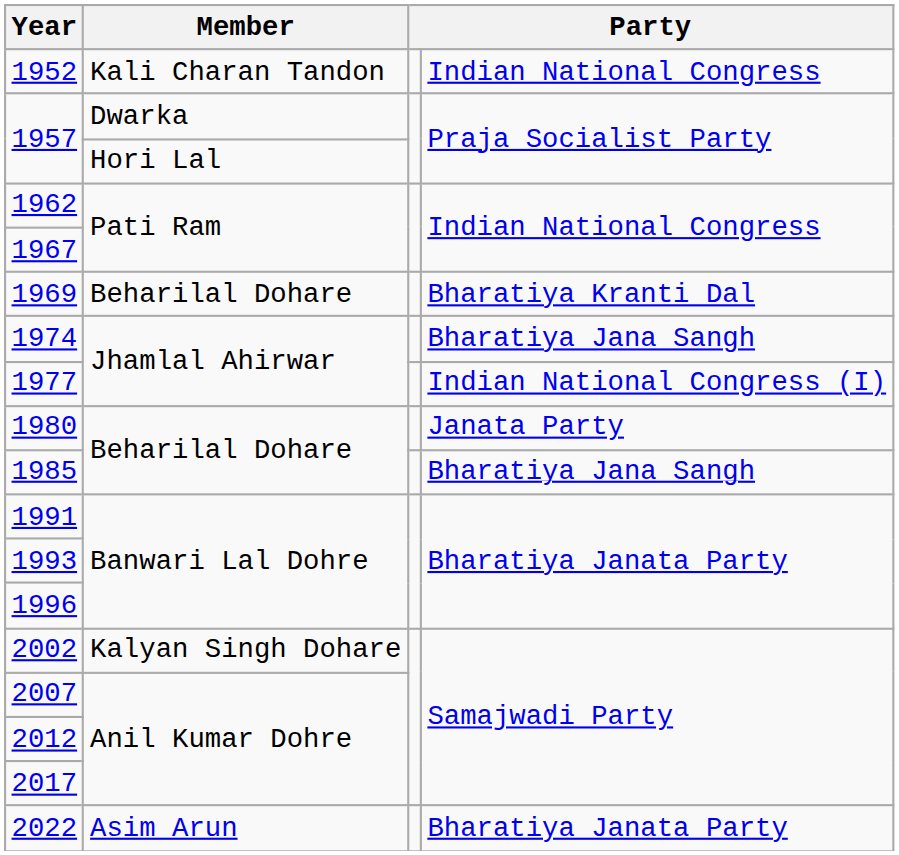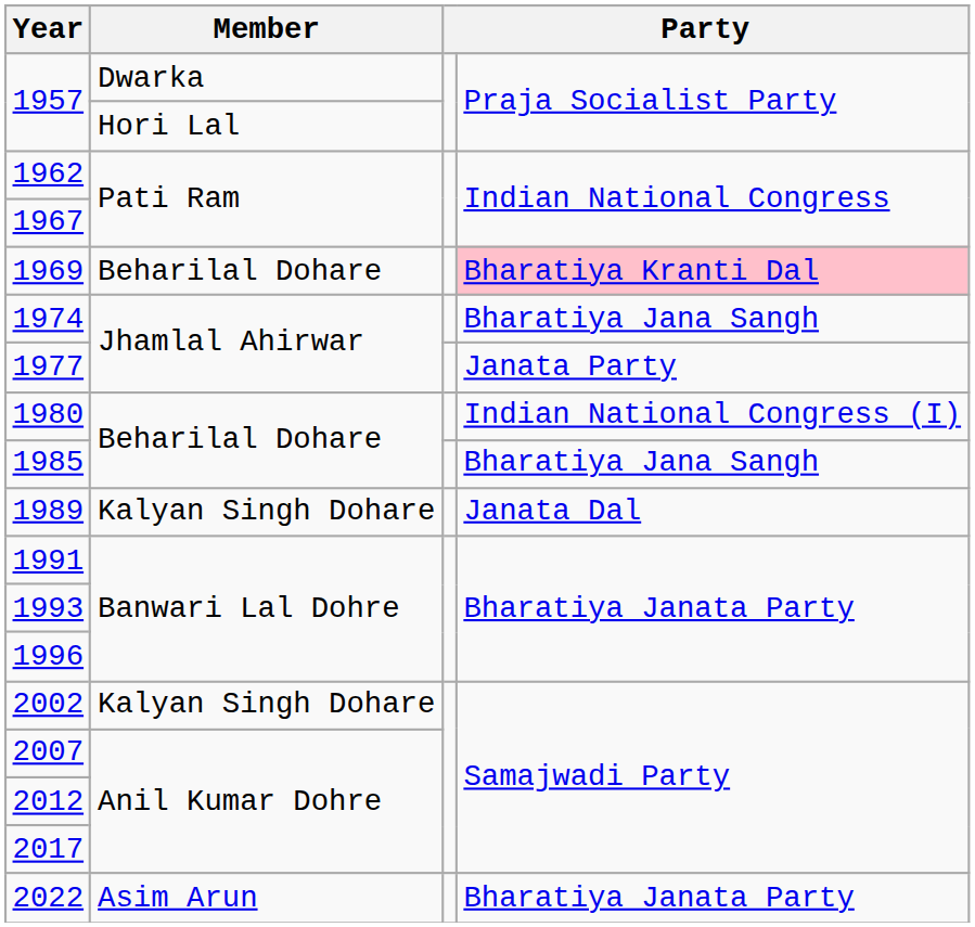 <table class="wikitable">
 <tr>
 <th>Year</th>
 <th>Member</th>
 <th colspan="2">Party</th>
-</tr>
-<tr>
-<td><a href='#'>1952</a></td>
-<td>Kali Charan Tandon</td>
-<td style="background-color: "></td>
-<td><a href='#'>Indian National Congress</a></td>
 </tr>
 <tr>
 <td rowspan="2"><a href='#'>1957</a></td>
 <td>Dwarka</td>
 <td rowspan="2" style="background-color: "></td>
 <td rowspan="2"><a href='#'>Praja Socialist Party</a></td>
 </tr>
 <tr>
 <td>Hori Lal</td>
 </tr>
 <tr>
 <td><a href='#'>1962</a></td>
 <td rowspan="2">Pati Ram</td>
 <td rowspan="2" style="background-color: "></td>
 <td rowspan="2"><a href='#'>Indian National Congress</a></td>
 </tr>
 <tr>
 <td><a href='#'>1967</a></td>
 </tr>
 <tr>
 <td><a href='#'>1969</a></td>
 <td>Beharilal Dohare</td>
 <td style="background-color: "></td>
-<td><a href='#'>Bharatiya Kranti Dal</a></td>
+<td style="background: pink;"><a href='#'>Bharatiya Kranti Dal</a></td>
 </tr>
 <tr>
 <td><a href='#'>1974</a></td>
 <td rowspan="2">Jhamlal Ahirwar</td>
 <td style="background-color: "></td>
 <td><a href='#'>Bharatiya Jana Sangh</a></td>
 </tr>
 <tr>
 <td><a href='#'>1977</a></td>
 <td style="background-color: "></td>
-<td><a href='#'>Indian National Congress (I)</a></td>
+<td><a href='#'>Janata Party</a></td>
 </tr>
 <tr>
 <td><a href='#'>1980</a></td>
 <td rowspan="2">Beharilal Dohare</td>
 <td style="background-color: "></td>
-<td><a href='#'>Janata Party</a></td>
+<td><a href='#'>Indian National Congress (I)</a></td>
 </tr>
 <tr>
 <td><a href='#'>1985</a></td>
 <td style="background-color: "></td>
 <td><a href='#'>Bharatiya Jana Sangh</a></td>
+</tr>
+<tr>
+<td><a href='#'>1989</a></td>
+<td>Kalyan Singh Dohare</td>
+<td style="background-color: "></td>
+<td><a href='#'>Janata Dal</a></td>
 </tr>
 <tr>
 <td><a href='#'>1991</a></td>
 <td rowspan="3">Banwari Lal Dohre</td>
 <td rowspan="3" style="background-color: "></td>
 <td rowspan="3"><a href='#'>Bharatiya Janata Party</a></td>
 </tr>
 <tr>
 <td><a href='#'>1993</a></td>
 </tr>
 <tr>
 <td><a href='#'>1996</a></td>
 </tr>
 <tr>
 <td><a href='#'>2002</a></td>
 <td>Kalyan Singh Dohare</td>
 <td rowspan="4" style="background-color: "></td>
 <td rowspan="4"><a href='#'>Samajwadi Party</a></td>
 </tr>
 <tr>
 <td><a href='#'>2007</a></td>
 <td rowspan="3">Anil Kumar Dohre</td>
 </tr>
 <tr>
 <td><a href='#'>2012</a></td>
 </tr>
 <tr>
 <td><a href='#'>2017</a></td>
 </tr>
 <tr>
 <td><a href='#'>2022</a></td>
 <td><a href='#'>Asim Arun</a></td>
 <td style="background-color: "></td>
 <td><a href='#'>Bharatiya Janata Party</a></td>
 </tr>
 </table>
